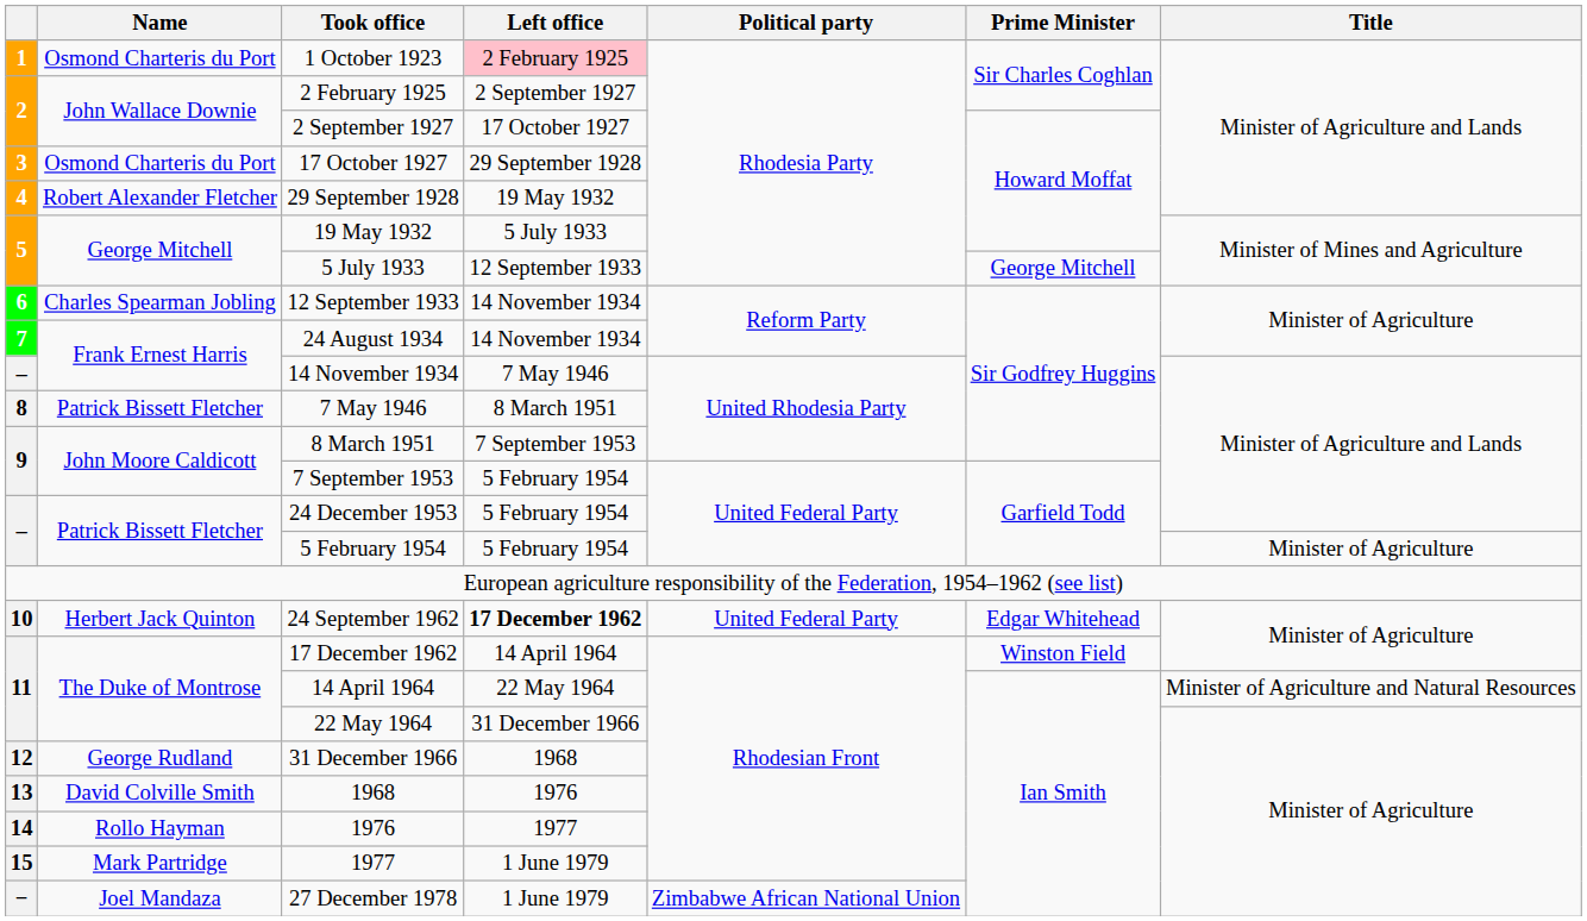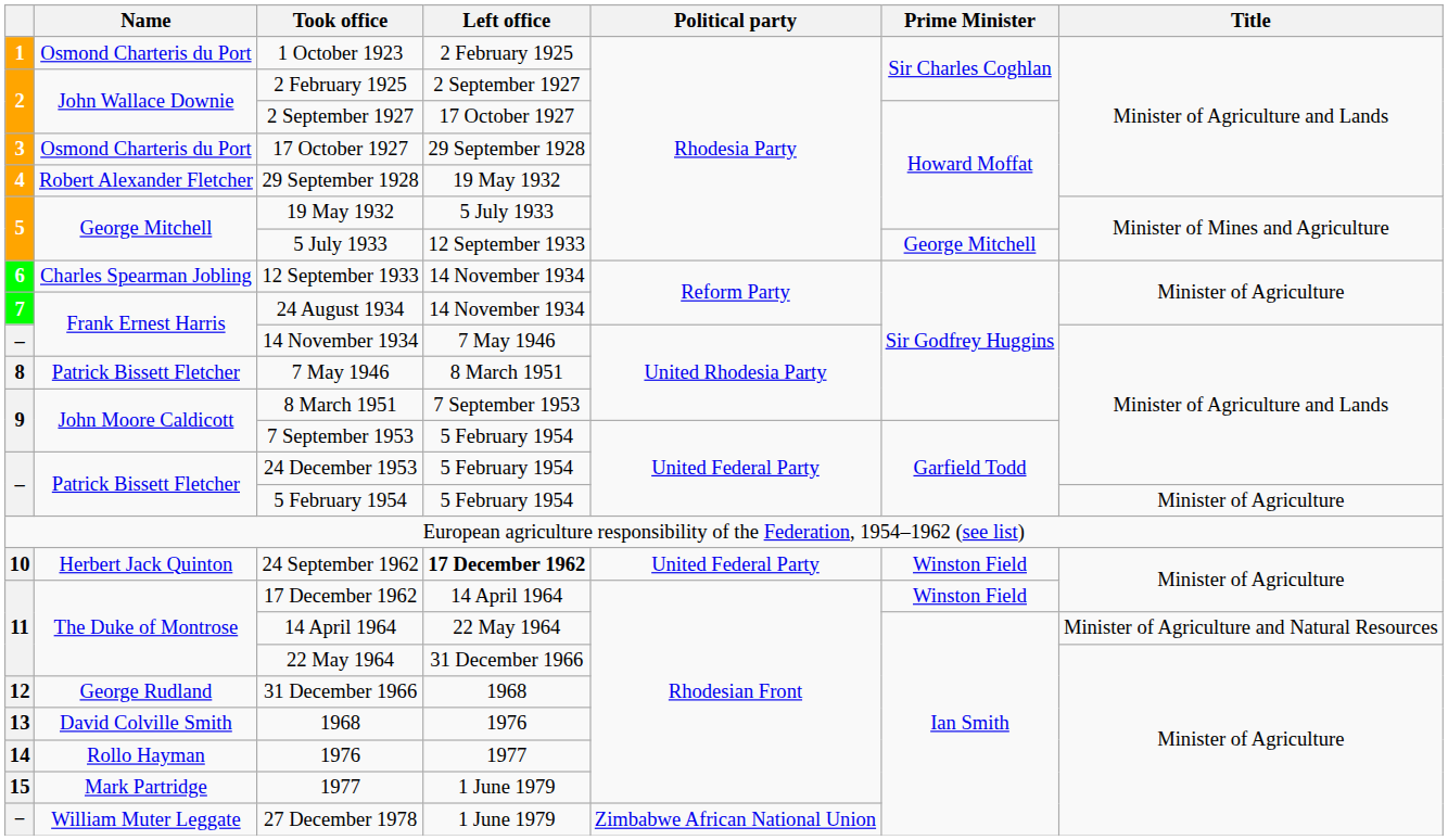 <table class="wikitable" style="text-align:center">
 <tr>
 <th></th>
 <th>Name</th>
 <th>Took office</th>
 <th>Left office</th>
 <th>Political party</th>
 <th>Prime Minister</th>
 <th>Title</th>
 </tr>
 <tr>
 <th style="background:orange; color:white;">1</th>
 <td><a href='#'>Osmond Charteris du Port</a></td>
 <td>1 October 1923</td>
-<td style="background: pink;">2 February 1925</td>
+<td>2 February 1925</td>
 <td rowspan="7"><a href='#'>Rhodesia Party</a></td>
 <td rowspan="2"><a href='#'>Sir Charles Coghlan</a></td>
 <td rowspan="5">Minister of Agriculture and Lands</td>
 </tr>
 <tr>
 <th rowspan="2" style="background:orange; color:white;">2</th>
 <td rowspan="2"><a href='#'>John Wallace Downie</a></td>
 <td>2 February 1925</td>
 <td>2 September 1927</td>
 </tr>
 <tr>
 <td>2 September 1927</td>
 <td>17 October 1927</td>
 <td rowspan="4"><a href='#'>Howard Moffat</a></td>
 </tr>
 <tr>
 <th style="background:orange; color:white;">3</th>
 <td><a href='#'>Osmond Charteris du Port</a></td>
 <td>17 October 1927</td>
 <td>29 September 1928</td>
 </tr>
 <tr>
 <th style="background:orange; color:white;">4</th>
 <td><a href='#'>Robert Alexander Fletcher</a></td>
 <td>29 September 1928</td>
 <td>19 May 1932</td>
 </tr>
 <tr>
 <th rowspan="2" style="background:orange; color:white;">5</th>
 <td rowspan="2"><a href='#'>George Mitchell</a></td>
 <td>19 May 1932</td>
 <td>5 July 1933</td>
 <td rowspan="2">Minister of Mines and Agriculture</td>
 </tr>
 <tr>
 <td>5 July 1933</td>
 <td>12 September 1933</td>
 <td><a href='#'>George Mitchell</a></td>
 </tr>
 <tr>
 <th style="background:lime; color:white;">6</th>
 <td><a href='#'>Charles Spearman Jobling</a></td>
 <td>12 September 1933</td>
 <td>14 November 1934</td>
 <td rowspan="2"><a href='#'>Reform Party</a></td>
 <td rowspan="5"><a href='#'>Sir Godfrey Huggins</a></td>
 <td rowspan="2">Minister of Agriculture</td>
 </tr>
 <tr>
 <th style="background:lime; color:white;">7</th>
 <td rowspan="2"><a href='#'>Frank Ernest Harris</a></td>
 <td>24 August 1934</td>
 <td>14 November 1934</td>
 </tr>
 <tr>
 <th style="background:">–</th>
 <td>14 November 1934</td>
 <td>7 May 1946</td>
 <td rowspan="3"><a href='#'>United Rhodesia Party</a></td>
 <td rowspan="5">Minister of Agriculture and Lands</td>
 </tr>
 <tr>
 <th style="background:">8</th>
 <td><a href='#'>Patrick Bissett Fletcher</a></td>
 <td>7 May 1946</td>
 <td>8 March 1951</td>
 </tr>
 <tr>
 <th rowspan="2" style="background:">9</th>
 <td rowspan="2"><a href='#'>John Moore Caldicott</a></td>
 <td>8 March 1951</td>
 <td>7 September 1953</td>
 </tr>
 <tr>
 <td>7 September 1953</td>
 <td>5 February 1954</td>
 <td rowspan="3"><a href='#'>United Federal Party</a></td>
 <td rowspan="3"><a href='#'>Garfield Todd</a></td>
 </tr>
 <tr>
 <th rowspan="2" style="background:">–</th>
 <td rowspan="2"><a href='#'>Patrick Bissett Fletcher</a></td>
 <td>24 December 1953</td>
 <td>5 February 1954</td>
 </tr>
 <tr>
 <td>5 February 1954</td>
 <td>5 February 1954</td>
 <td>Minister of Agriculture</td>
 </tr>
 <tr>
 <td colspan="7">European agriculture responsibility of the <a href='#'>Federation</a>, 1954–1962 (<a href='#'>see list</a>)</td>
 </tr>
 <tr>
 <th style="background:">10</th>
 <td><a href='#'>Herbert Jack Quinton</a></td>
 <td>24 September 1962</td>
 <td><strong>17 December 1962</strong></td>
 <td><a href='#'>United Federal Party</a></td>
-<td><a href='#'>Edgar Whitehead</a></td>
+<td><a href='#'>Winston Field</a></td>
 <td rowspan="2">Minister of Agriculture</td>
 </tr>
 <tr>
 <th rowspan="3" style="background:">11</th>
 <td rowspan="3"><a href='#'>The Duke of Montrose</a></td>
 <td>17 December 1962</td>
 <td>14 April 1964</td>
 <td rowspan="7"><a href='#'>Rhodesian Front</a></td>
 <td><a href='#'>Winston Field</a></td>
 </tr>
 <tr>
 <td>14 April 1964</td>
 <td>22 May 1964</td>
 <td rowspan="7"><a href='#'>Ian Smith</a></td>
 <td>Minister of Agriculture and Natural Resources</td>
 </tr>
 <tr>
 <td>22 May 1964</td>
 <td>31 December 1966</td>
 <td rowspan="6">Minister of Agriculture</td>
 </tr>
 <tr>
 <th style="background:">12</th>
 <td><a href='#'>George Rudland</a></td>
 <td>31 December 1966</td>
 <td>1968</td>
 </tr>
 <tr>
 <th style="background:">13</th>
 <td><a href='#'>David Colville Smith</a></td>
 <td>1968</td>
 <td>1976</td>
 </tr>
 <tr>
 <th style="background:">14</th>
 <td><a href='#'>Rollo Hayman</a></td>
 <td>1976</td>
 <td>1977</td>
 </tr>
 <tr>
 <th style="background:">15</th>
 <td><a href='#'>Mark Partridge</a></td>
 <td>1977</td>
 <td>1 June 1979</td>
 </tr>
 <tr>
 <th style="background:">−</th>
-<td><a href='#'>Joel Mandaza</a><br></td>
+<td><a href='#'>William Muter Leggate</a></td>
 <td>27 December 1978</td>
 <td>1 June 1979</td>
 <td><a href='#'>Zimbabwe African National Union</a></td>
 </tr>
 </table>
